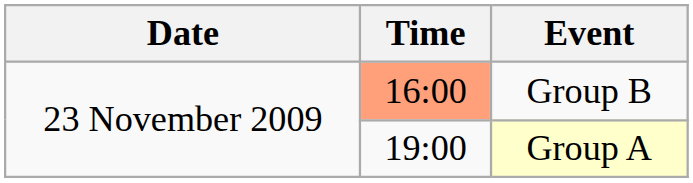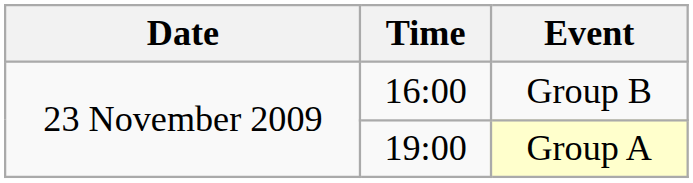 <table class = "wikitable" style="text-align:center;">
 <tr>
 <th width=150>Date</th>
 <th width=50>Time</th>
 <th width=80>Event</th>
 </tr>
 <tr>
 <td rowspan=2>23 November 2009</td>
-<td style="background: lightsalmon;">16:00</td>
+<td>16:00</td>
 <td>Group B</td>
 </tr>
 <tr>
 <td>19:00</td>
 <td bgcolor=ffffcc>Group A</td>
 </tr>
 </table>
